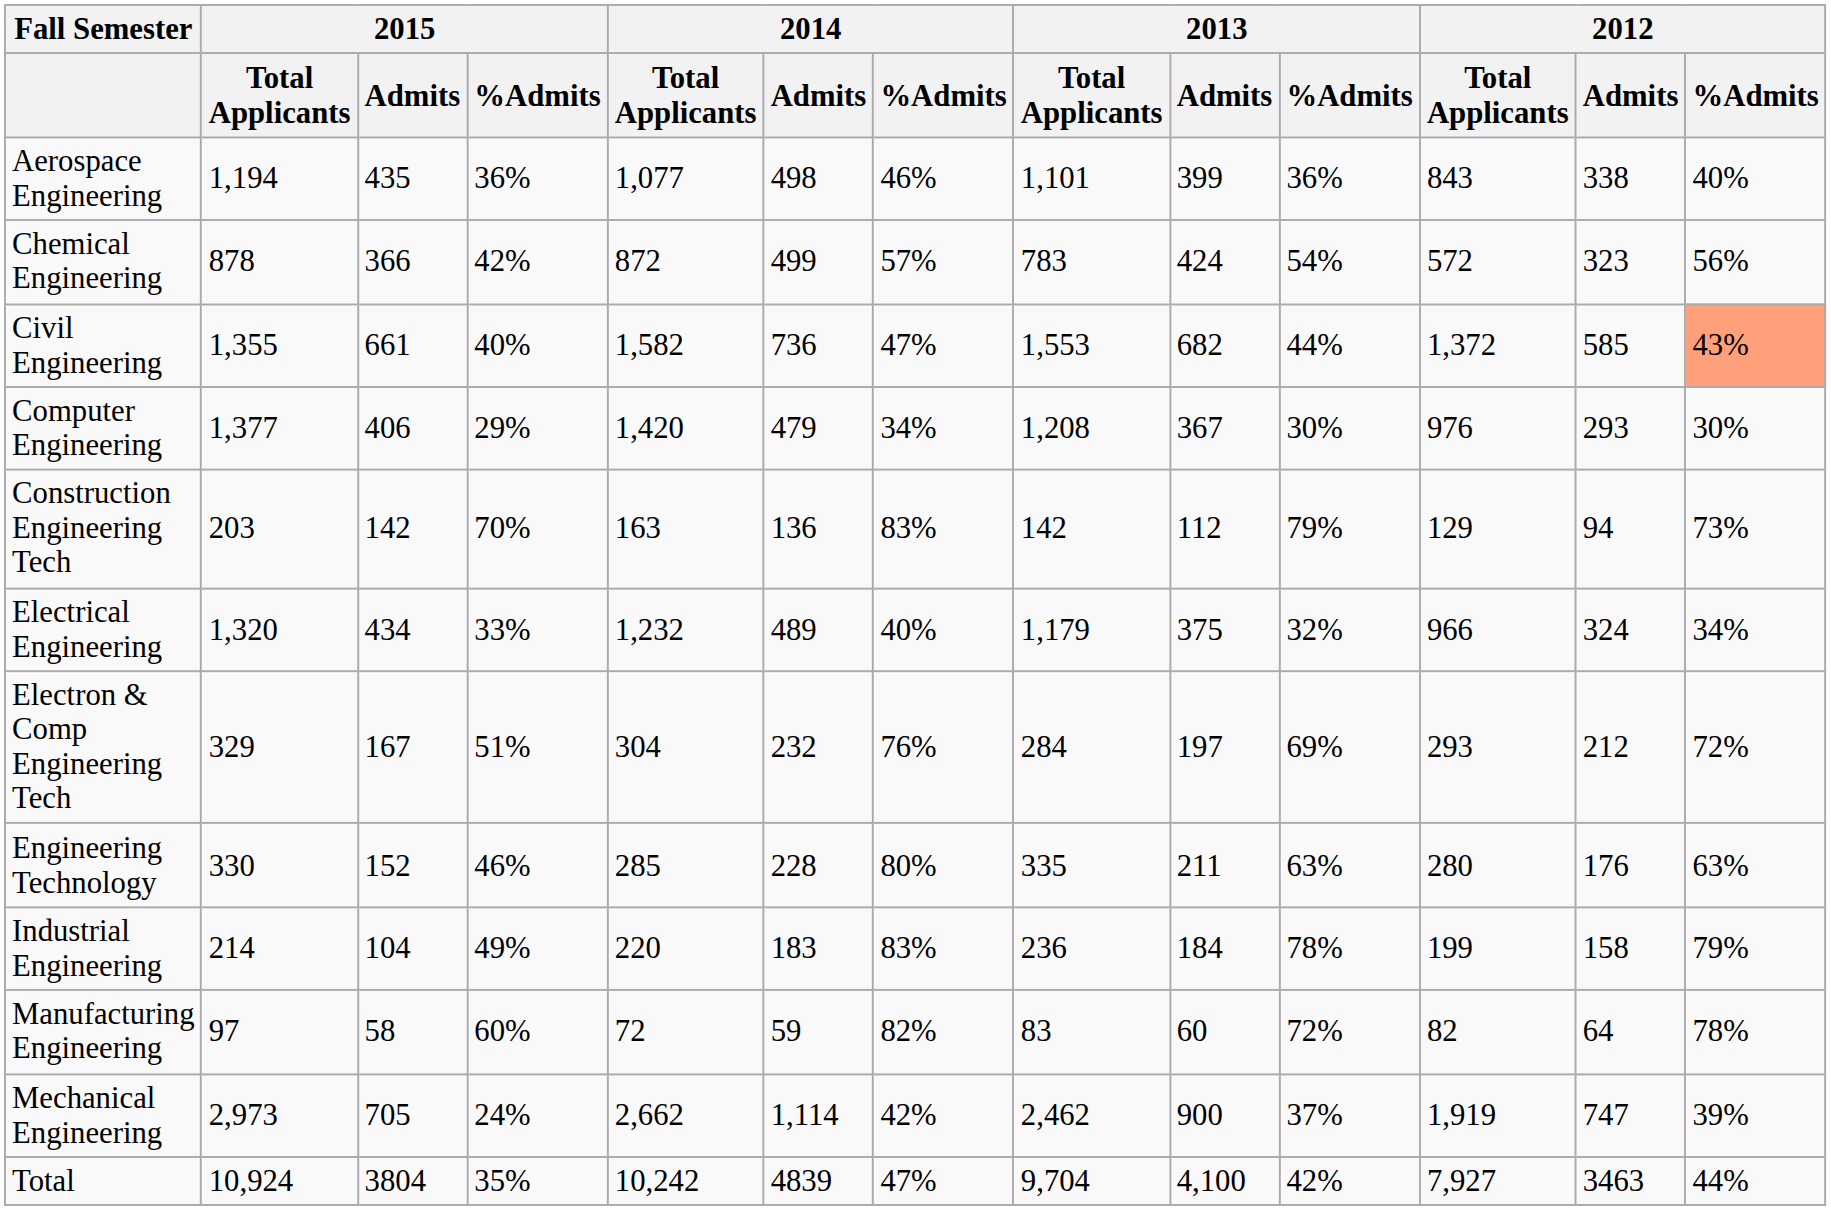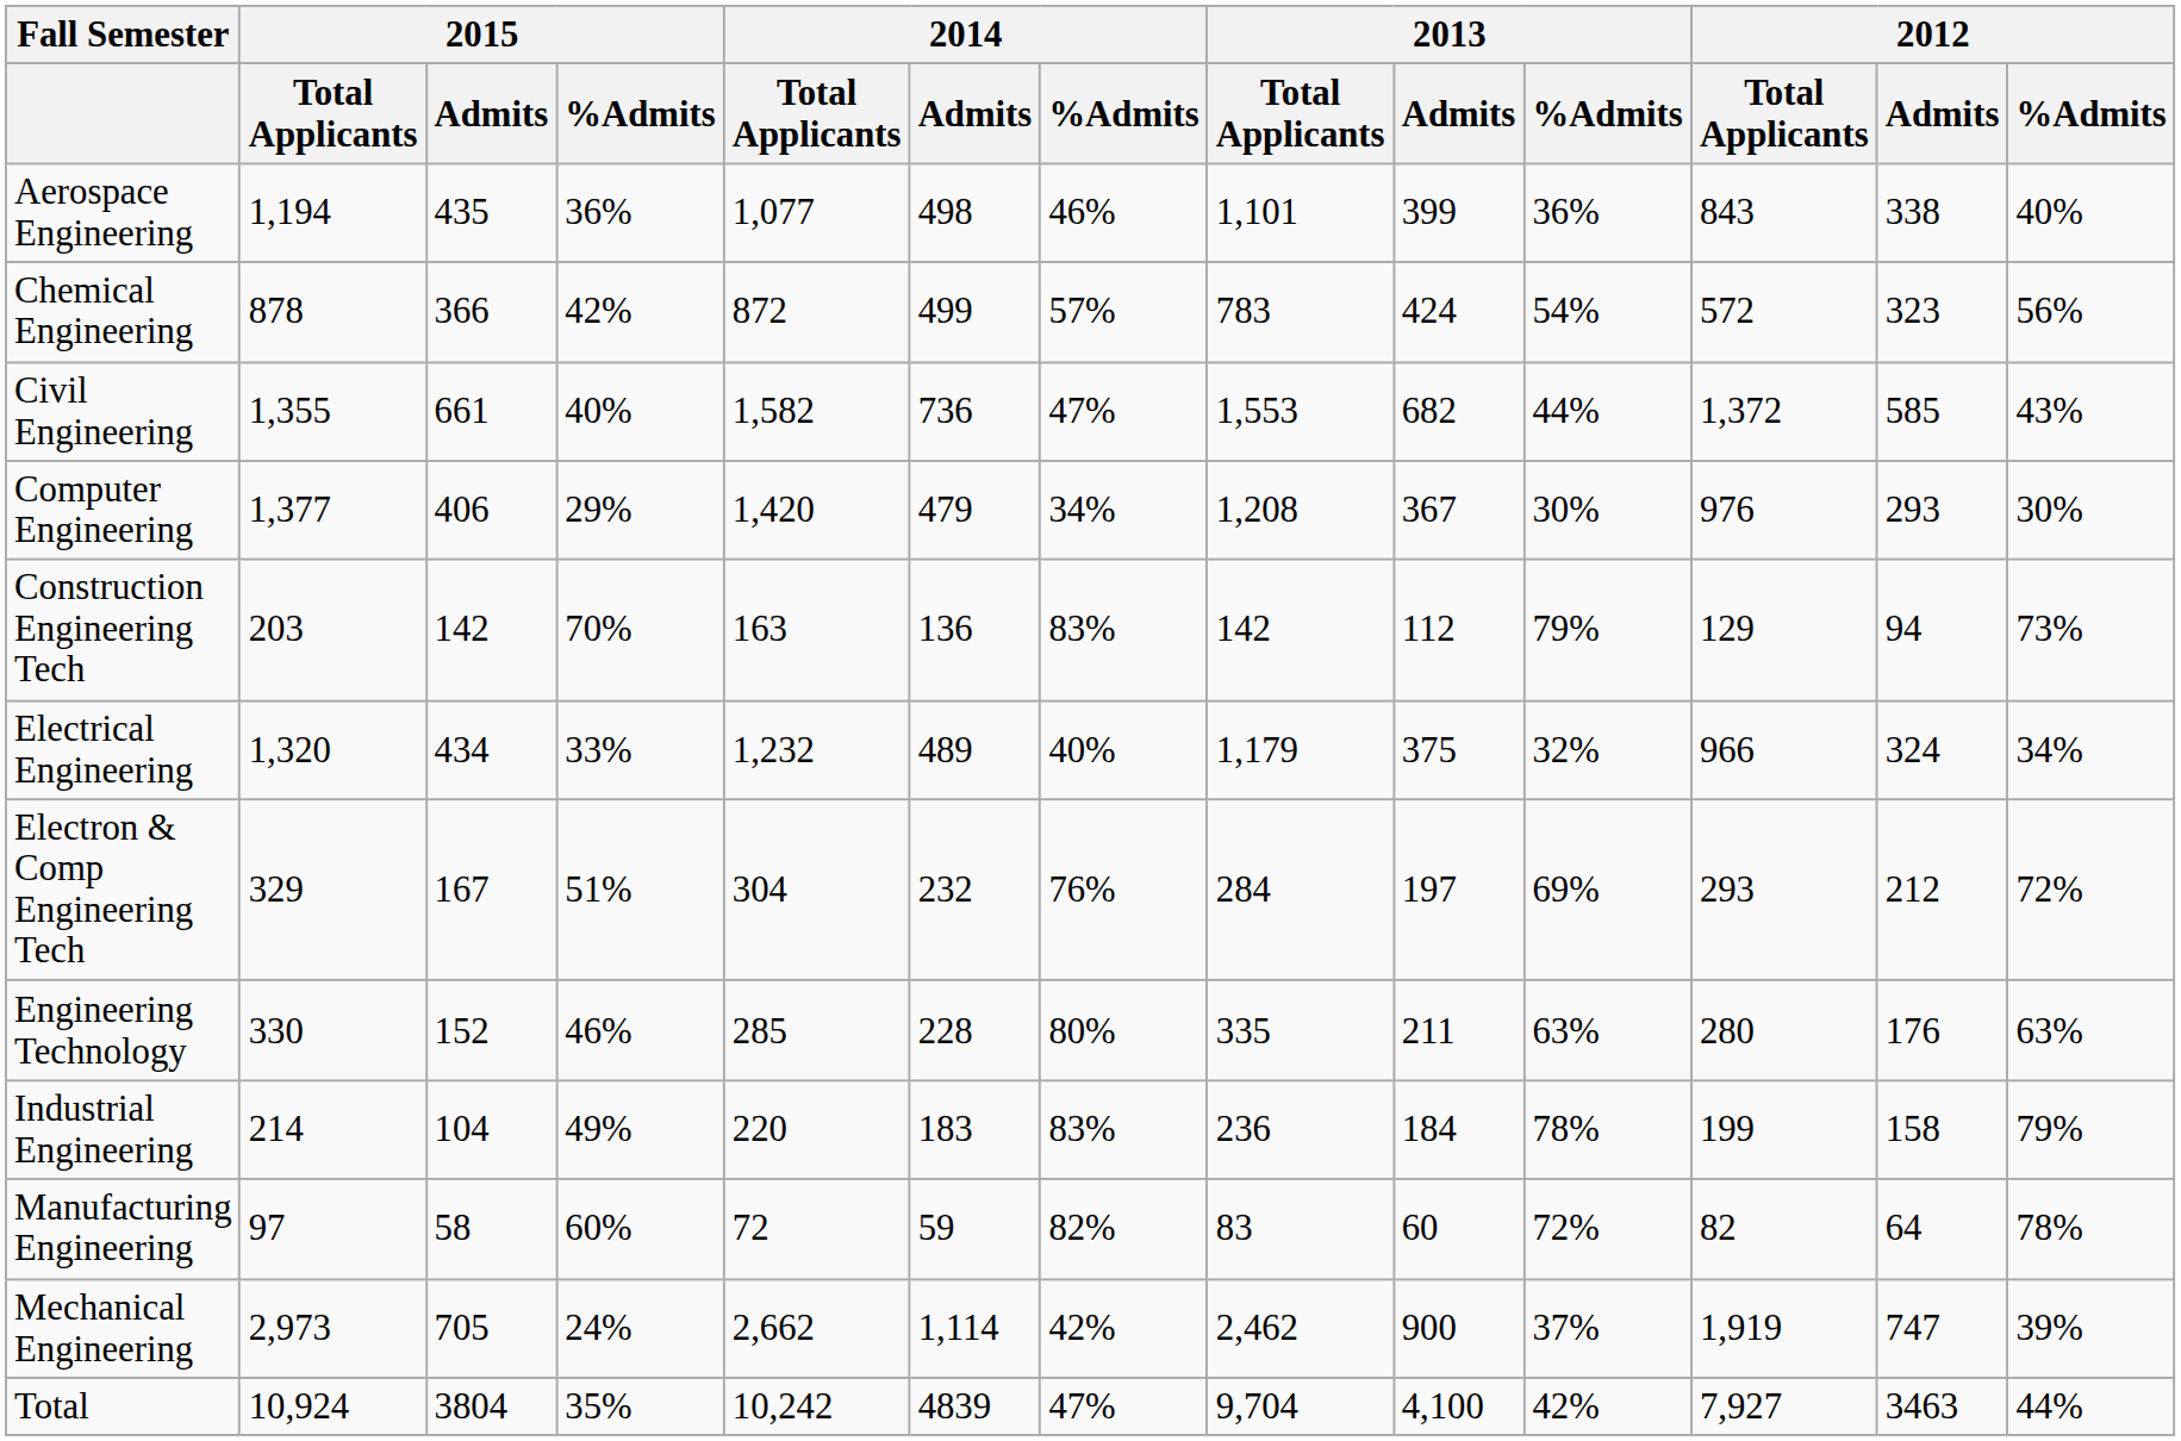 <table class="wikitable">
 <tr>
 <th>Fall Semester</th>
 <th colspan="3">2015</th>
 <th colspan="3">2014</th>
 <th colspan="3">2013</th>
 <th colspan="3">2012</th>
 </tr>
 <tr>
 <th></th>
 <th>Total Applicants</th>
 <th>Admits</th>
 <th>%Admits</th>
 <th>Total Applicants</th>
 <th>Admits</th>
 <th>%Admits</th>
 <th>Total Applicants</th>
 <th>Admits</th>
 <th>%Admits</th>
 <th>Total Applicants</th>
 <th>Admits</th>
 <th>%Admits</th>
 </tr>
 <tr>
 <td>Aerospace Engineering</td>
 <td>1,194</td>
 <td>435</td>
 <td>36%</td>
 <td>1,077</td>
 <td>498</td>
 <td>46%</td>
 <td>1,101</td>
 <td>399</td>
 <td>36%</td>
 <td>843</td>
 <td>338</td>
 <td>40%</td>
 </tr>
 <tr>
 <td>Chemical Engineering</td>
 <td>878</td>
 <td>366</td>
 <td>42%</td>
 <td>872</td>
 <td>499</td>
 <td>57%</td>
 <td>783</td>
 <td>424</td>
 <td>54%</td>
 <td>572</td>
 <td>323</td>
 <td>56%</td>
 </tr>
 <tr>
 <td>Civil Engineering</td>
 <td>1,355</td>
 <td>661</td>
 <td>40%</td>
 <td>1,582</td>
 <td>736</td>
 <td>47%</td>
 <td>1,553</td>
 <td>682</td>
 <td>44%</td>
 <td>1,372</td>
 <td>585</td>
-<td style="background: lightsalmon;">43%</td>
+<td>43%</td>
 </tr>
 <tr>
 <td>Computer Engineering</td>
 <td>1,377</td>
 <td>406</td>
 <td>29%</td>
 <td>1,420</td>
 <td>479</td>
 <td>34%</td>
 <td>1,208</td>
 <td>367</td>
 <td>30%</td>
 <td>976</td>
 <td>293</td>
 <td>30%</td>
 </tr>
 <tr>
 <td>Construction Engineering Tech</td>
 <td>203</td>
 <td>142</td>
 <td>70%</td>
 <td>163</td>
 <td>136</td>
 <td>83%</td>
 <td>142</td>
 <td>112</td>
 <td>79%</td>
 <td>129</td>
 <td>94</td>
 <td>73%</td>
 </tr>
 <tr>
 <td>Electrical Engineering</td>
 <td>1,320</td>
 <td>434</td>
 <td>33%</td>
 <td>1,232</td>
 <td>489</td>
 <td>40%</td>
 <td>1,179</td>
 <td>375</td>
 <td>32%</td>
 <td>966</td>
 <td>324</td>
 <td>34%</td>
 </tr>
 <tr>
 <td>Electron & Comp Engineering Tech</td>
 <td>329</td>
 <td>167</td>
 <td>51%</td>
 <td>304</td>
 <td>232</td>
 <td>76%</td>
 <td>284</td>
 <td>197</td>
 <td>69%</td>
 <td>293</td>
 <td>212</td>
 <td>72%</td>
 </tr>
 <tr>
 <td>Engineering Technology</td>
 <td>330</td>
 <td>152</td>
 <td>46%</td>
 <td>285</td>
 <td>228</td>
 <td>80%</td>
 <td>335</td>
 <td>211</td>
 <td>63%</td>
 <td>280</td>
 <td>176</td>
 <td>63%</td>
 </tr>
 <tr>
 <td>Industrial Engineering</td>
 <td>214</td>
 <td>104</td>
 <td>49%</td>
 <td>220</td>
 <td>183</td>
 <td>83%</td>
 <td>236</td>
 <td>184</td>
 <td>78%</td>
 <td>199</td>
 <td>158</td>
 <td>79%</td>
 </tr>
 <tr>
 <td>Manufacturing Engineering</td>
 <td>97</td>
 <td>58</td>
 <td>60%</td>
 <td>72</td>
 <td>59</td>
 <td>82%</td>
 <td>83</td>
 <td>60</td>
 <td>72%</td>
 <td>82</td>
 <td>64</td>
 <td>78%</td>
 </tr>
 <tr>
 <td>Mechanical Engineering</td>
 <td>2,973</td>
 <td>705</td>
 <td>24%</td>
 <td>2,662</td>
 <td>1,114</td>
 <td>42%</td>
 <td>2,462</td>
 <td>900</td>
 <td>37%</td>
 <td>1,919</td>
 <td>747</td>
 <td>39%</td>
 </tr>
 <tr>
 <td>Total</td>
 <td>10,924</td>
 <td>3804</td>
 <td>35%</td>
 <td>10,242</td>
 <td>4839</td>
 <td>47%</td>
 <td>9,704</td>
 <td>4,100</td>
 <td>42%</td>
 <td>7,927</td>
 <td>3463</td>
 <td>44%</td>
 </tr>
 </table>
